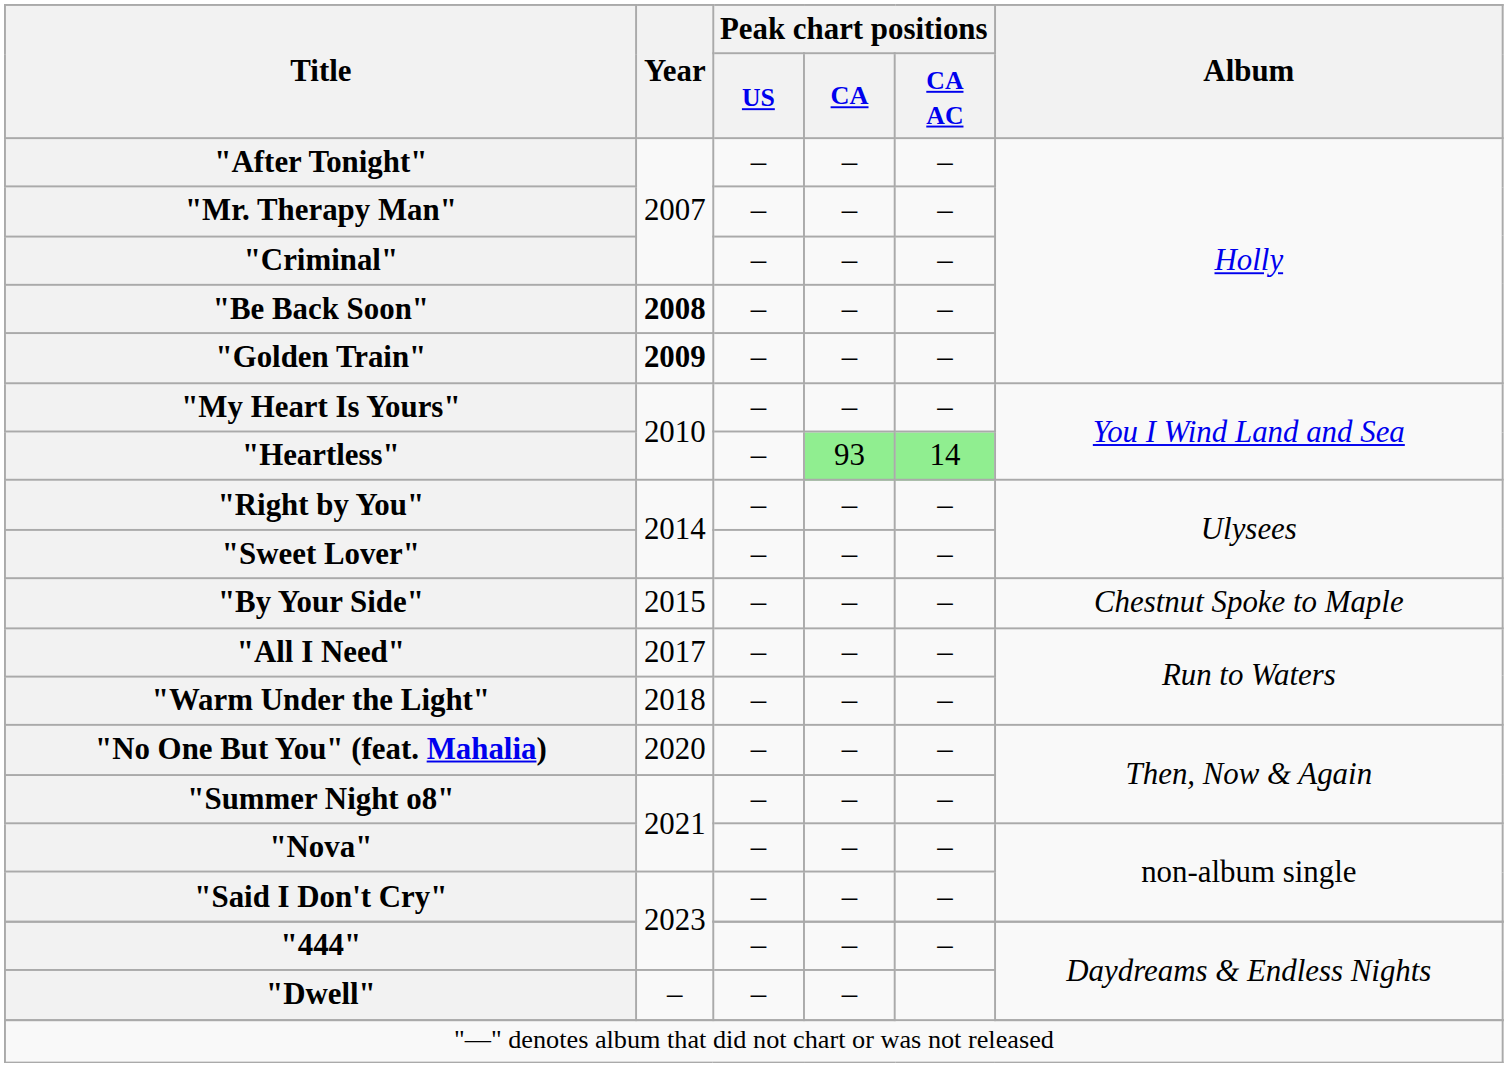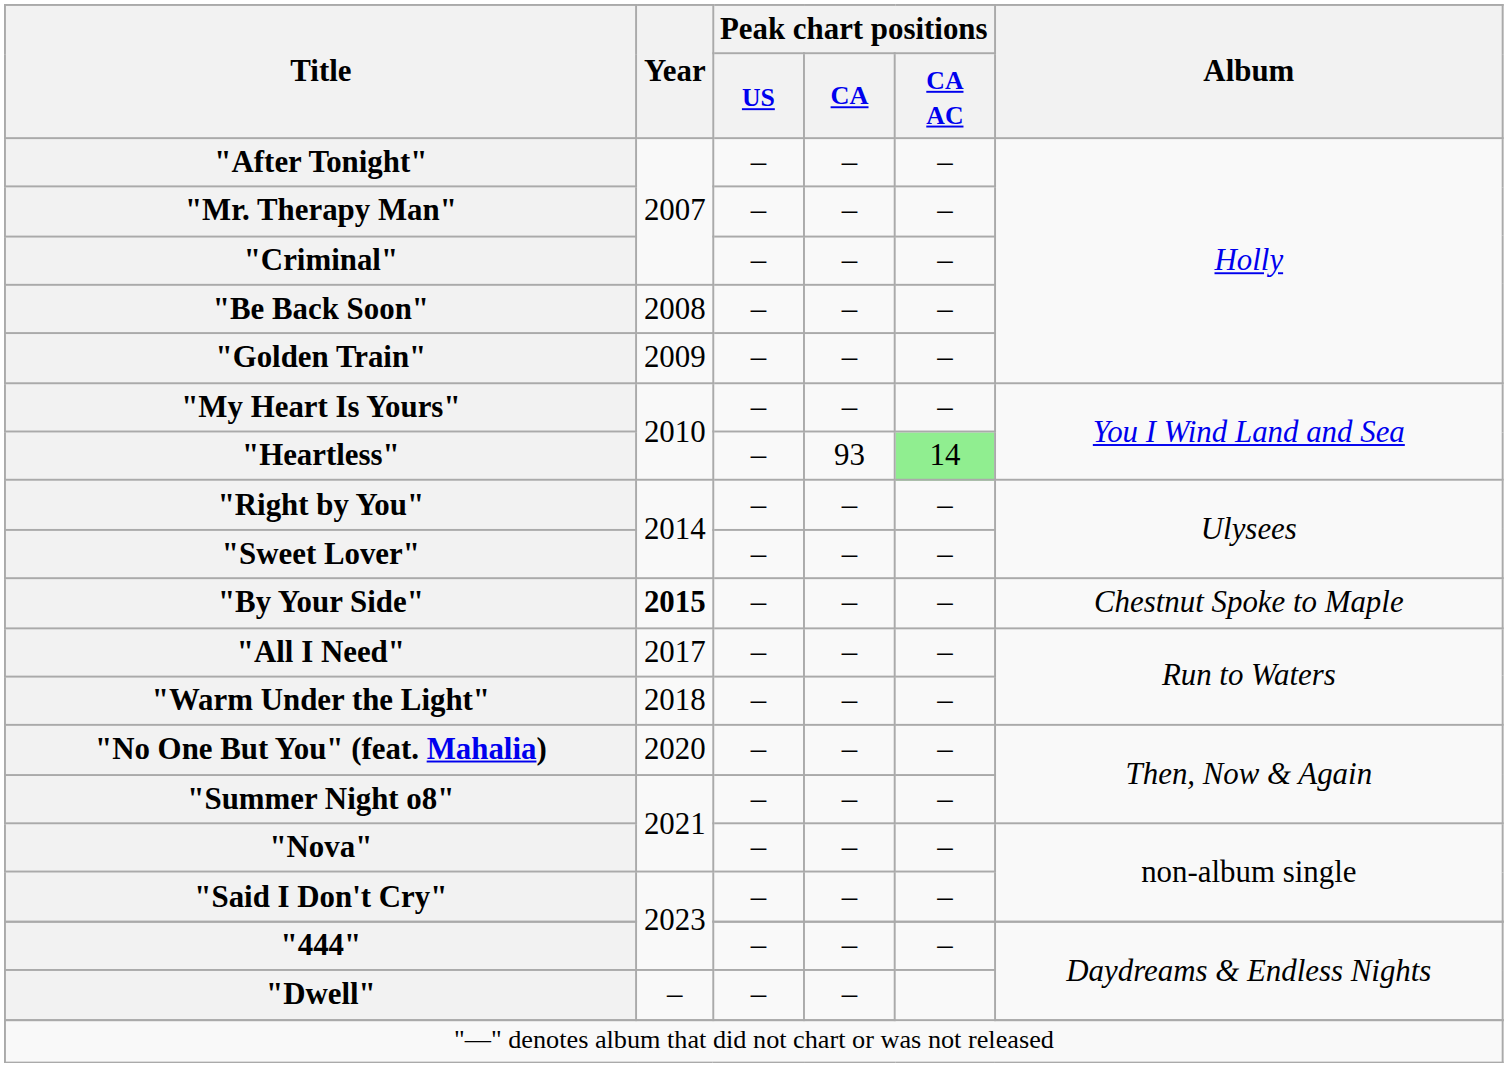 <table class="wikitable plainrowheaders" style="text-align:center;">
 <tr>
 <th scope="col" rowspan="2" style="width:20em;">Title</th>
 <th scope="col" rowspan="2" style="width:1em;">Year</th>
 <th colspan="3">Peak chart positions</th>
 <th scope="col" rowspan="2" style="width:16em;">Album</th>
 </tr>
 <tr>
 <th><small><a href='#'>US</a></small></th>
 <th scope="col" style="width:3em;font-size:85%;"><a href='#'>CA</a></th>
 <th><small><a href='#'>CA<br>AC</a></small></th>
 </tr>
 <tr>
 <th scope="row">"After Tonight"</th>
 <td rowspan="3">2007</td>
 <td>–</td>
 <td>–</td>
 <td>–</td>
 <td rowspan="5"><em><a href='#'>Holly</a></em></td>
 </tr>
 <tr>
 <th scope="row">"Mr. Therapy Man"</th>
 <td>–</td>
 <td>–</td>
 <td>–</td>
 </tr>
 <tr>
 <th scope="row">"Criminal"</th>
 <td>–</td>
 <td>–</td>
 <td>–</td>
 </tr>
 <tr>
 <th scope="row">"Be Back Soon"</th>
-<td><strong>2008</strong></td>
+<td>2008</td>
 <td>–</td>
 <td>–</td>
 <td>–</td>
 </tr>
 <tr>
 <th scope="row">"Golden Train"</th>
-<td><strong>2009</strong></td>
+<td>2009</td>
 <td>–</td>
 <td>–</td>
 <td>–</td>
 </tr>
 <tr>
 <th scope="row">"My Heart Is Yours"</th>
 <td rowspan="2">2010</td>
 <td>–</td>
 <td>–</td>
 <td>–</td>
 <td rowspan="2"><em><a href='#'>You I Wind Land and Sea</a></em></td>
 </tr>
 <tr>
 <th scope="row">"Heartless"</th>
 <td>–</td>
-<td style="background: lightgreen;">93</td>
+<td>93</td>
 <td style="background: lightgreen;">14</td>
 </tr>
 <tr>
 <th scope="row">"Right by You"</th>
 <td rowspan="2">2014</td>
 <td>–</td>
 <td>–</td>
 <td>–</td>
 <td rowspan="2"><em>Ulysees</em></td>
 </tr>
 <tr>
 <th scope="row">"Sweet Lover"</th>
 <td>–</td>
 <td>–</td>
 <td>–</td>
 </tr>
 <tr>
 <th scope="row">"By Your Side"</th>
-<td>2015</td>
+<td><strong>2015</strong></td>
 <td>–</td>
 <td>–</td>
 <td>–</td>
 <td><em>Chestnut Spoke to Maple</em></td>
 </tr>
 <tr>
 <th scope="row">"All I Need"</th>
 <td>2017</td>
 <td>–</td>
 <td>–</td>
 <td>–</td>
 <td rowspan="2"><em>Run to Waters</em></td>
 </tr>
 <tr>
 <th scope="row">"Warm Under the Light"</th>
 <td>2018</td>
 <td>–</td>
 <td>–</td>
 <td>–</td>
 </tr>
 <tr>
 <th scope="row">"No One But You" (feat. <a href='#'>Mahalia</a>)</th>
 <td>2020</td>
 <td>–</td>
 <td>–</td>
 <td>–</td>
 <td rowspan="2"><em>Then, Now & Again</em></td>
 </tr>
 <tr>
 <th scope="row">"Summer Night o8"</th>
 <td rowspan="2">2021</td>
 <td>–</td>
 <td>–</td>
 <td>–</td>
 </tr>
 <tr>
 <th scope="row">"Nova"</th>
 <td>–</td>
 <td>–</td>
 <td>–</td>
 <td rowspan="2">non-album single</td>
 </tr>
 <tr>
 <th scope="row">"Said I Don't Cry"</th>
 <td rowspan="3">2023</td>
 <td>–</td>
 <td>–</td>
 <td>–</td>
 </tr>
 <tr>
 </tr>
 <tr>
 <th scope="row">"444"</th>
 <td>–</td>
 <td>–</td>
 <td>–</td>
 <td rowspan="2"><em>Daydreams & Endless Nights</em></td>
 </tr>
 <tr>
 <th scope="row">"Dwell"</th>
 <td>–</td>
 <td>–</td>
 <td>–</td>
 </tr>
 <tr>
 </tr>
 <tr>
 <td colspan="6" style="font-size:85%;">"—" denotes album that did not chart or was not released</td>
 </tr>
 </table>
